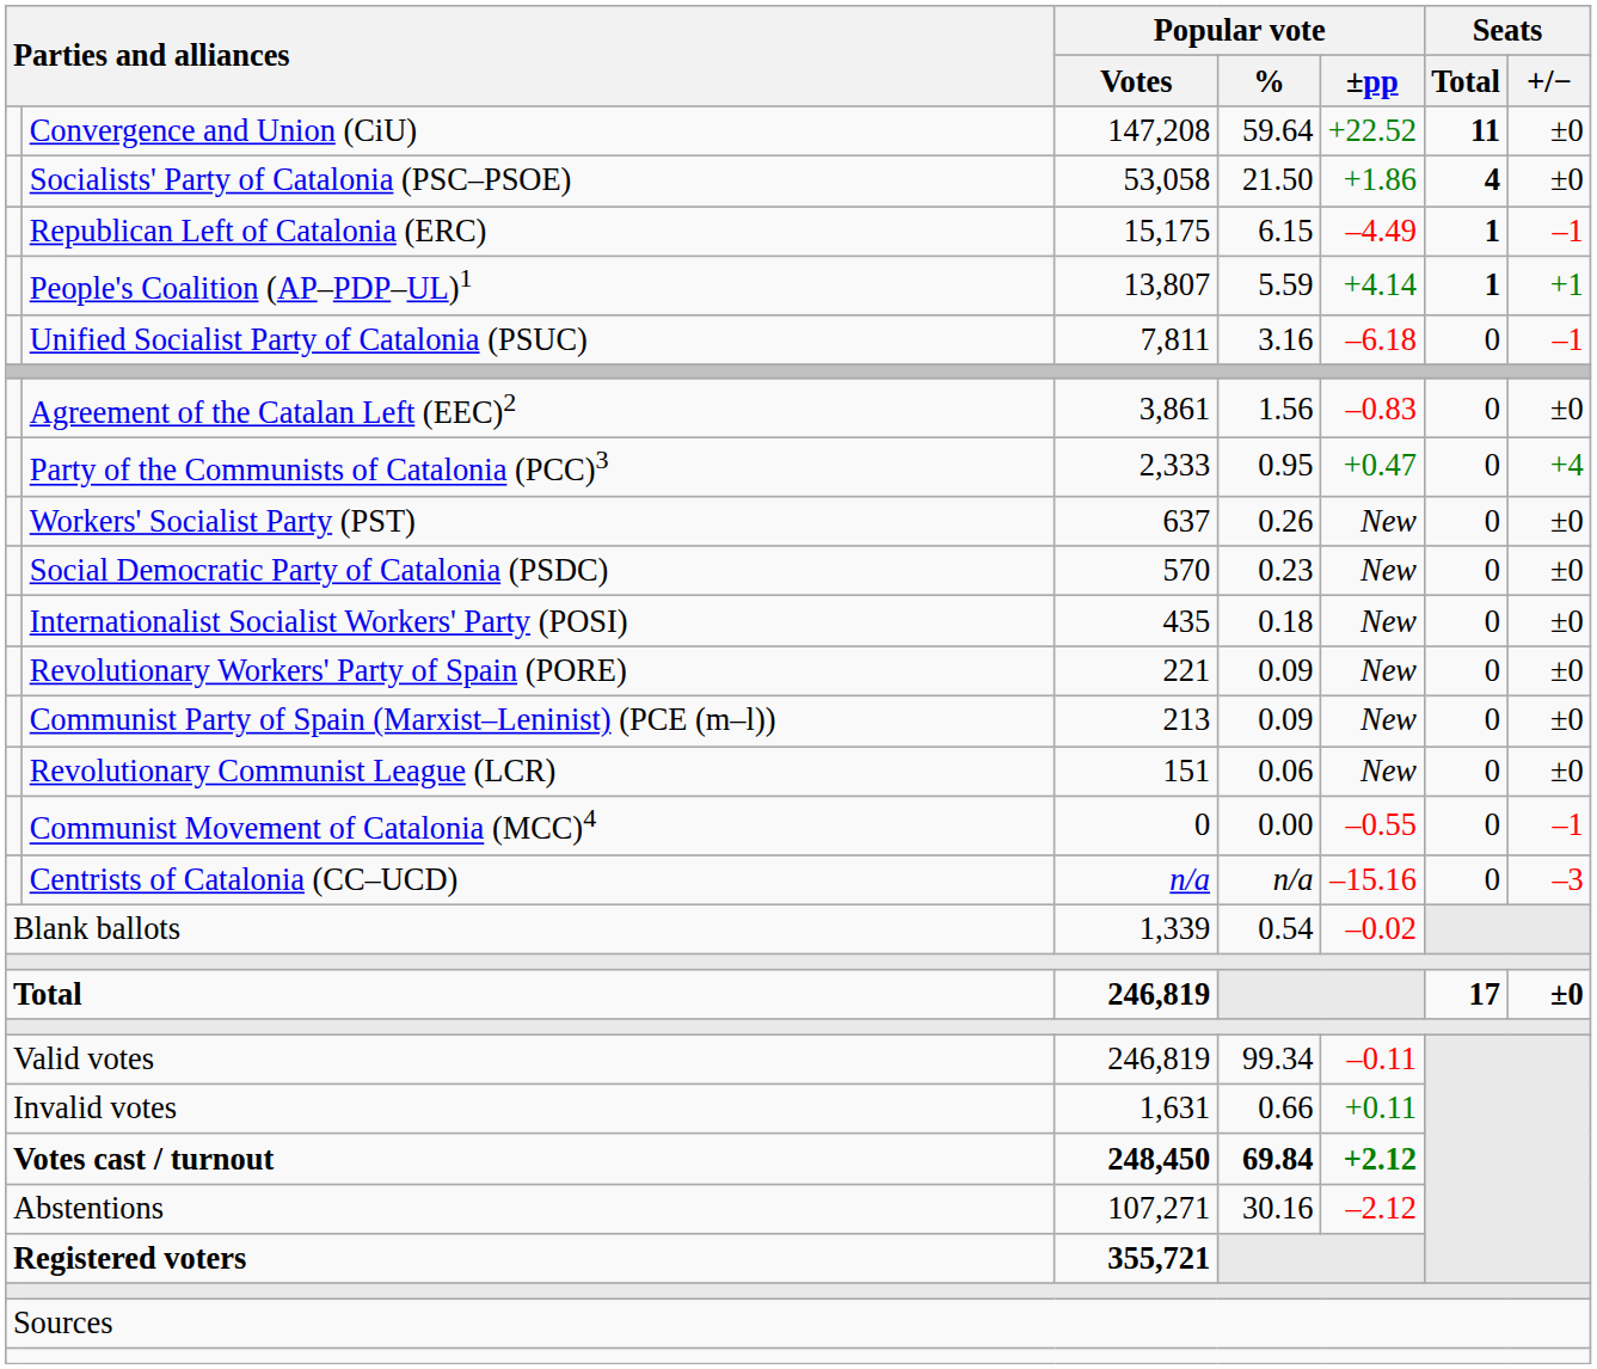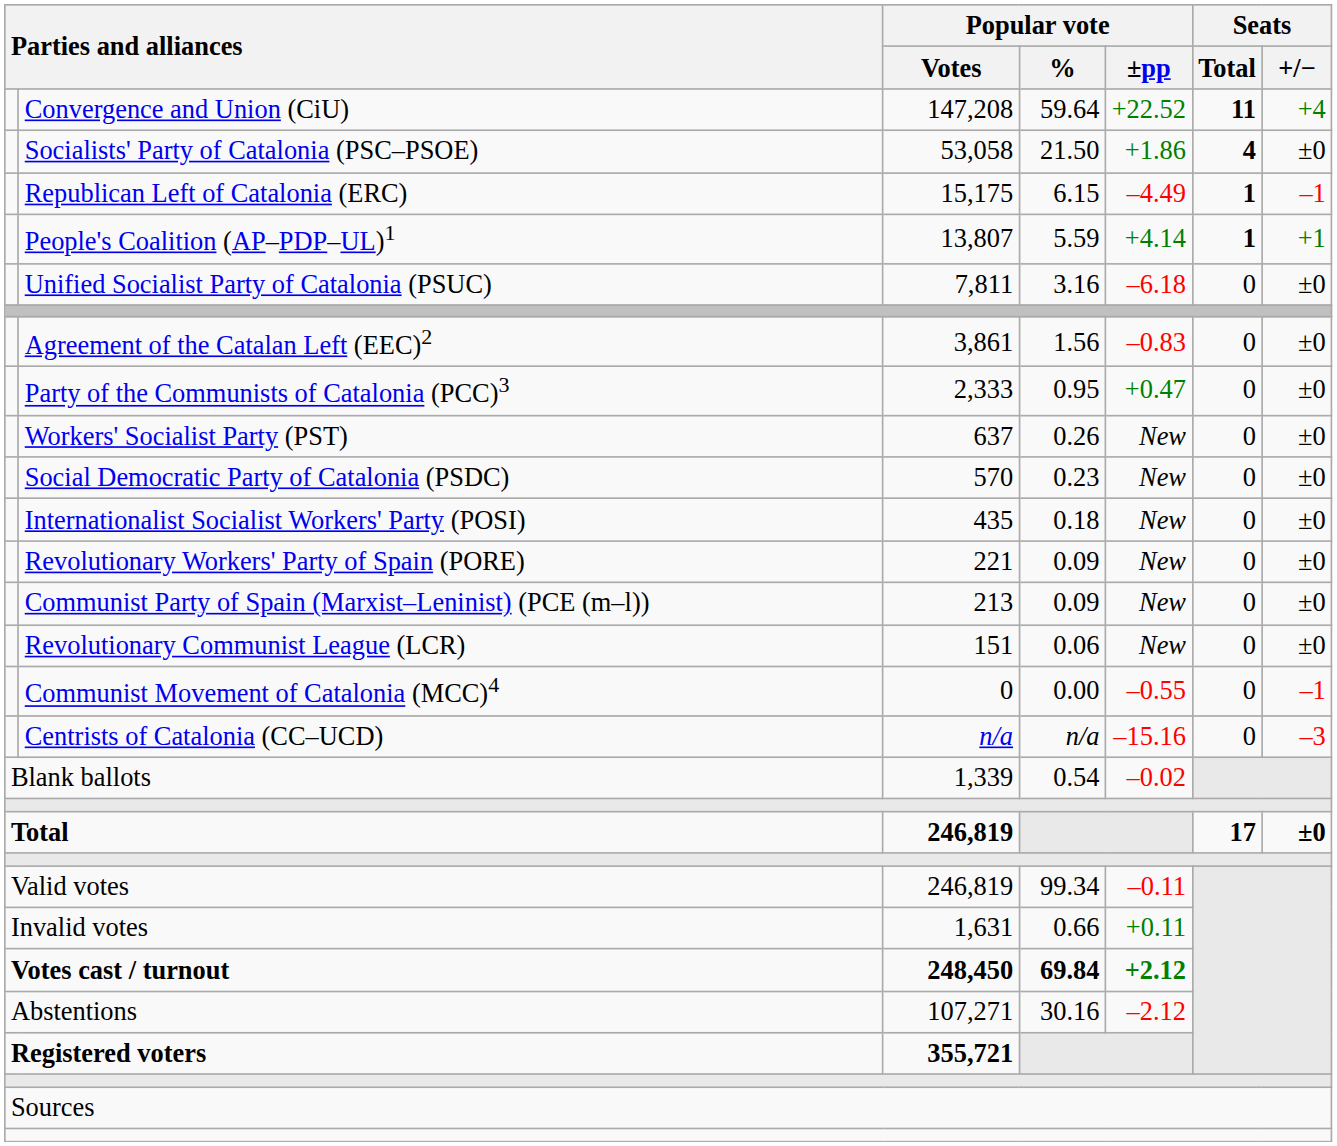 <table class="wikitable" style="text-align:right;">
 <tr>
 <th style="text-align:left;" rowspan="2" colspan="2" width="525">Parties and alliances</th>
 <th colspan="3">Popular vote</th>
 <th colspan="2">Seats</th>
 </tr>
 <tr>
 <th width="75">Votes</th>
 <th width="45">%</th>
 <th width="45">±<a href='#'>pp</a></th>
 <th width="35">Total</th>
 <th width="35">+/−</th>
 </tr>
 <tr>
 <td width="1" style="color:inherit;background:"></td>
 <td align="left"><a href='#'>Convergence and Union</a> (CiU)</td>
 <td>147,208</td>
 <td>59.64</td>
 <td style="color:green;">+22.52</td>
 <td><strong>11</strong></td>
-<td>±0</td>
+<td style="color:green;">+4</td>
 </tr>
 <tr>
 <td style="color:inherit;background:"></td>
 <td align="left"><a href='#'>Socialists' Party of Catalonia</a> (PSC–PSOE)</td>
 <td>53,058</td>
 <td>21.50</td>
 <td style="color:green;">+1.86</td>
 <td><strong>4</strong></td>
 <td>±0</td>
 </tr>
 <tr>
 <td style="color:inherit;background:"></td>
 <td align="left"><a href='#'>Republican Left of Catalonia</a> (ERC)</td>
 <td>15,175</td>
 <td>6.15</td>
 <td style="color:red;">–4.49</td>
 <td><strong>1</strong></td>
 <td style="color:red;">–1</td>
 </tr>
 <tr>
 <td style="color:inherit;background:"></td>
 <td align="left"><a href='#'>People's Coalition</a> (<a href='#'>AP</a>–<a href='#'>PDP</a>–<a href='#'>UL</a>)<sup>1</sup></td>
 <td>13,807</td>
 <td>5.59</td>
 <td style="color:green;">+4.14</td>
 <td><strong>1</strong></td>
 <td style="color:green;">+1</td>
 </tr>
 <tr>
 <td style="color:inherit;background:"></td>
 <td align="left"><a href='#'>Unified Socialist Party of Catalonia</a> (PSUC)</td>
 <td>7,811</td>
 <td>3.16</td>
 <td style="color:red;">–6.18</td>
 <td>0</td>
-<td style="color:red;">–1</td>
+<td>±0</td>
 </tr>
 <tr>
 <td colspan="7" bgcolor="#C0C0C0"></td>
 </tr>
 <tr>
 <td style="color:inherit;background:"></td>
 <td align="left"><a href='#'>Agreement of the Catalan Left</a> (EEC)<sup>2</sup></td>
 <td>3,861</td>
 <td>1.56</td>
 <td style="color:red;">–0.83</td>
 <td>0</td>
 <td>±0</td>
 </tr>
 <tr>
 <td style="color:inherit;background:"></td>
 <td align="left"><a href='#'>Party of the Communists of Catalonia</a> (PCC)<sup>3</sup></td>
 <td>2,333</td>
 <td>0.95</td>
 <td style="color:green;">+0.47</td>
 <td>0</td>
-<td style="color:green;">+4</td>
+<td>±0</td>
 </tr>
 <tr>
 <td style="color:inherit;background:"></td>
 <td align="left"><a href='#'>Workers' Socialist Party</a> (PST)</td>
 <td>637</td>
 <td>0.26</td>
 <td><em>New</em></td>
 <td>0</td>
 <td>±0</td>
 </tr>
 <tr>
 <td style="color:inherit;background:"></td>
 <td align="left"><a href='#'>Social Democratic Party of Catalonia</a> (PSDC)</td>
 <td>570</td>
 <td>0.23</td>
 <td><em>New</em></td>
 <td>0</td>
 <td>±0</td>
 </tr>
 <tr>
 <td style="color:inherit;background:"></td>
 <td align="left"><a href='#'>Internationalist Socialist Workers' Party</a> (POSI)</td>
 <td>435</td>
 <td>0.18</td>
 <td><em>New</em></td>
 <td>0</td>
 <td>±0</td>
 </tr>
 <tr>
 <td style="color:inherit;background:"></td>
 <td align="left"><a href='#'>Revolutionary Workers' Party of Spain</a> (PORE)</td>
 <td>221</td>
 <td>0.09</td>
 <td><em>New</em></td>
 <td>0</td>
 <td>±0</td>
 </tr>
 <tr>
 <td style="color:inherit;background:"></td>
 <td align="left"><a href='#'>Communist Party of Spain (Marxist–Leninist)</a> (PCE (m–l))</td>
 <td>213</td>
 <td>0.09</td>
 <td><em>New</em></td>
 <td>0</td>
 <td>±0</td>
 </tr>
 <tr>
 <td style="color:inherit;background:"></td>
 <td align="left"><a href='#'>Revolutionary Communist League</a> (LCR)</td>
 <td>151</td>
 <td>0.06</td>
 <td><em>New</em></td>
 <td>0</td>
 <td>±0</td>
 </tr>
 <tr>
 <td style="color:inherit;background:"></td>
 <td align="left"><a href='#'>Communist Movement of Catalonia</a> (MCC)<sup>4</sup></td>
 <td>0</td>
 <td>0.00</td>
 <td style="color:red;">–0.55</td>
 <td>0</td>
 <td style="color:red;">–1</td>
 </tr>
 <tr>
 <td style="color:inherit;background:"></td>
 <td align="left"><a href='#'>Centrists of Catalonia</a> (CC–UCD)</td>
 <td><em><a href='#'>n/a</a></em></td>
 <td><em>n/a</em></td>
 <td style="color:red;">–15.16</td>
 <td>0</td>
 <td style="color:red;">–3</td>
 </tr>
 <tr>
 <td align="left" colspan="2">Blank ballots</td>
 <td>1,339</td>
 <td>0.54</td>
 <td style="color:red;">–0.02</td>
 <td bgcolor="#E9E9E9" colspan="2"></td>
 </tr>
 <tr>
 <td colspan="7" bgcolor="#E9E9E9"></td>
 </tr>
 <tr style="font-weight:bold;">
 <td align="left" colspan="2">Total</td>
 <td>246,819</td>
 <td bgcolor="#E9E9E9" colspan="2"></td>
 <td>17</td>
 <td>±0</td>
 </tr>
 <tr>
 <td colspan="7" bgcolor="#E9E9E9"></td>
 </tr>
 <tr>
 <td align="left" colspan="2">Valid votes</td>
 <td>246,819</td>
 <td>99.34</td>
 <td style="color:red;">–0.11</td>
 <td bgcolor="#E9E9E9" colspan="2" rowspan="5"></td>
 </tr>
 <tr>
 <td align="left" colspan="2">Invalid votes</td>
 <td>1,631</td>
 <td>0.66</td>
 <td style="color:green;">+0.11</td>
 </tr>
 <tr style="font-weight:bold;">
 <td align="left" colspan="2">Votes cast / turnout</td>
 <td>248,450</td>
 <td>69.84</td>
 <td style="color:green;">+2.12</td>
 </tr>
 <tr>
 <td align="left" colspan="2">Abstentions</td>
 <td>107,271</td>
 <td>30.16</td>
 <td style="color:red;">–2.12</td>
 </tr>
 <tr style="font-weight:bold;">
 <td align="left" colspan="2">Registered voters</td>
 <td>355,721</td>
 <td bgcolor="#E9E9E9" colspan="2"></td>
 </tr>
 <tr>
 <td colspan="7" bgcolor="#E9E9E9"></td>
 </tr>
 <tr>
 <td align="left" colspan="7">Sources</td>
 </tr>
 <tr>
 <td colspan="7" style="text-align:left; max-width:790px;"></td>
 </tr>
 </table>
